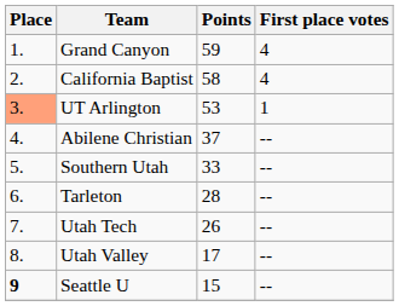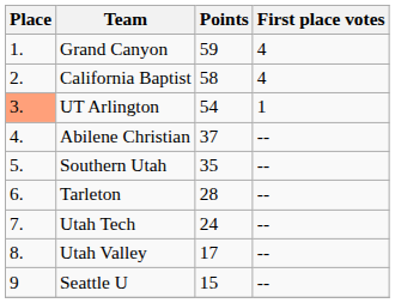 <table class="wikitable">
 <tr>
 <th>Place</th>
 <th>Team</th>
 <th>Points</th>
 <th>First place votes</th>
 </tr>
 <tr>
 <td>1.</td>
 <td>Grand Canyon</td>
 <td>59</td>
 <td>4</td>
 </tr>
 <tr>
 <td>2.</td>
 <td>California Baptist</td>
 <td>58</td>
 <td>4</td>
 </tr>
 <tr>
 <td style="background: lightsalmon;">3.</td>
 <td>UT Arlington</td>
-<td>53</td>
+<td>54</td>
 <td>1</td>
 </tr>
 <tr>
 <td>4.</td>
 <td>Abilene Christian</td>
 <td>37</td>
 <td>--</td>
 </tr>
 <tr>
 <td>5.</td>
 <td>Southern Utah</td>
-<td>33</td>
+<td>35</td>
 <td>--</td>
 </tr>
 <tr>
 <td>6.</td>
 <td>Tarleton</td>
 <td>28</td>
 <td>--</td>
 </tr>
 <tr>
 <td>7.</td>
 <td>Utah Tech</td>
-<td>26</td>
+<td>24</td>
 <td>--</td>
 </tr>
 <tr>
 <td>8.</td>
 <td>Utah Valley</td>
 <td>17</td>
 <td>--</td>
 </tr>
 <tr>
-<td><strong>9</strong></td>
+<td>9</td>
 <td>Seattle U</td>
 <td>15</td>
 <td>--</td>
 </tr>
 <tr>
 </tr>
 </table>
